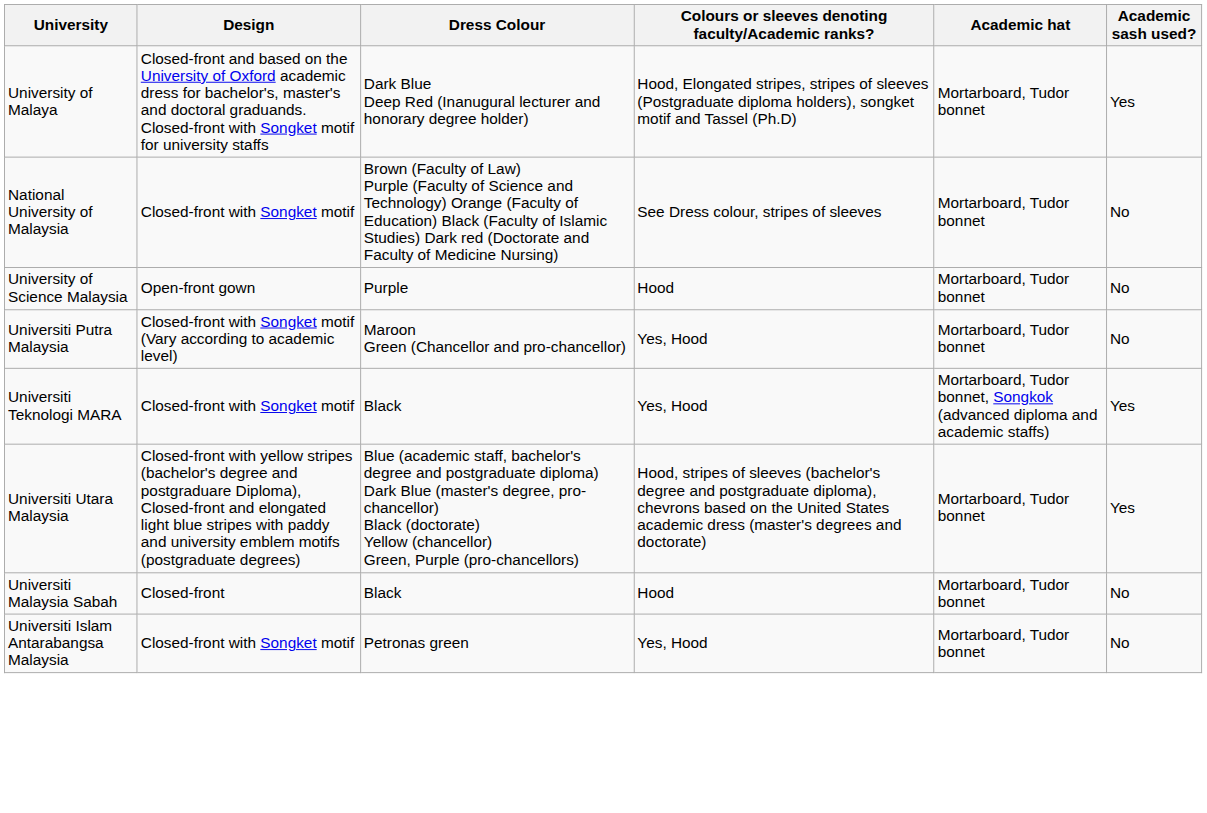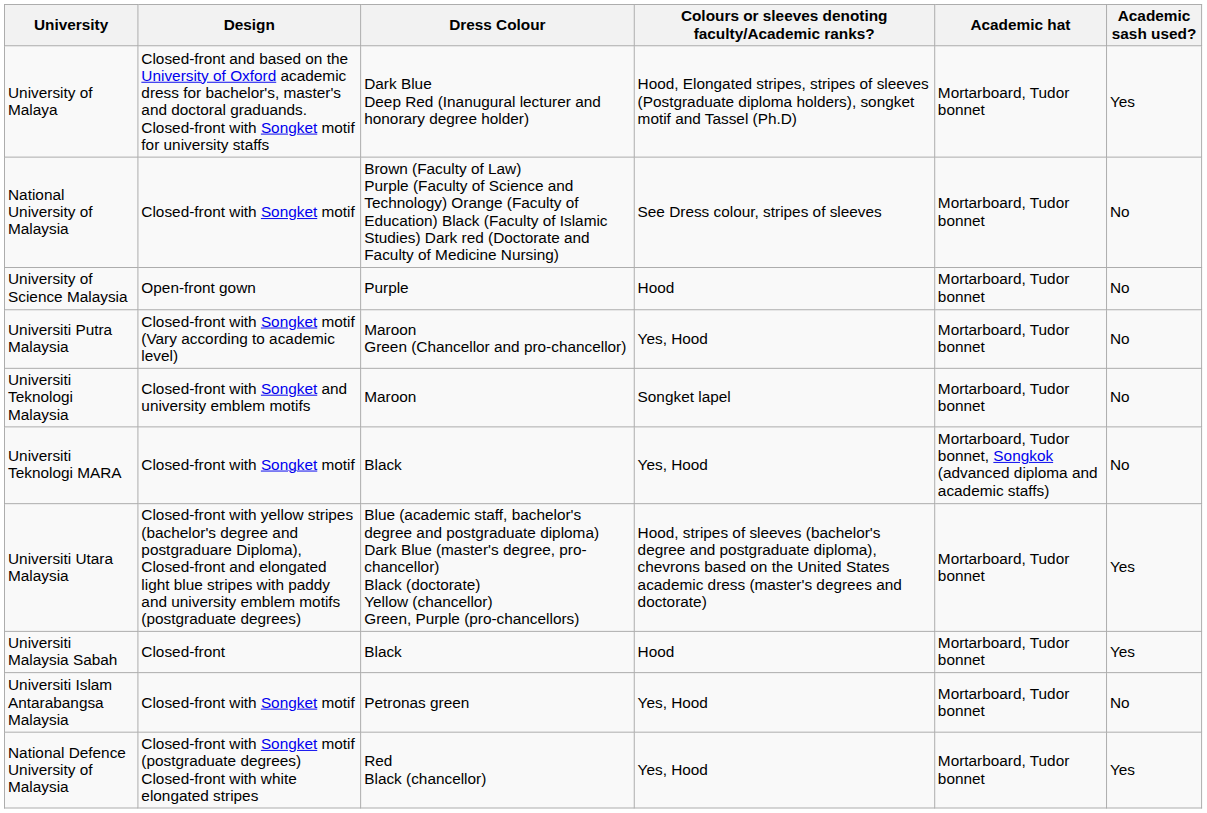 <table class="wikitable">
 <tr>
 <th>University</th>
 <th>Design</th>
 <th>Dress Colour</th>
 <th>Colours or sleeves denoting faculty/Academic ranks?</th>
 <th>Academic hat</th>
 <th>Academic sash used?</th>
 </tr>
 <tr>
 <td>University of Malaya</td>
 <td>Closed-front and based on the <a href='#'>University of Oxford</a> academic dress for bachelor's, master's and doctoral graduands.<br>Closed-front with <a href='#'>Songket</a> motif for university staffs</td>
 <td>Dark Blue<br>Deep Red (Inanugural lecturer and honorary degree holder)</td>
 <td>Hood, Elongated stripes, stripes of sleeves (Postgraduate diploma holders), songket motif and Tassel (Ph.D)</td>
 <td>Mortarboard, Tudor bonnet</td>
 <td>Yes</td>
 </tr>
 <tr>
 <td>National University of Malaysia</td>
 <td>Closed-front with <a href='#'>Songket</a> motif</td>
 <td>Brown (Faculty of Law)<br>Purple (Faculty of Science and Technology) Orange (Faculty of Education) Black (Faculty of Islamic Studies) Dark red (Doctorate and Faculty of Medicine Nursing)</td>
 <td>See Dress colour, stripes of sleeves</td>
 <td>Mortarboard, Tudor bonnet</td>
 <td>No</td>
 </tr>
 <tr>
 <td>University of Science Malaysia</td>
 <td>Open-front gown</td>
 <td>Purple</td>
 <td>Hood</td>
 <td>Mortarboard, Tudor bonnet</td>
 <td>No</td>
 </tr>
 <tr>
 <td>Universiti Putra Malaysia</td>
 <td>Closed-front with <a href='#'>Songket</a> motif (Vary according to academic level)</td>
 <td>Maroon<br>Green (Chancellor and pro-chancellor)</td>
 <td>Yes, Hood</td>
 <td>Mortarboard, Tudor bonnet</td>
 <td>No</td>
 </tr>
 <tr>
+<td>Universiti Teknologi Malaysia</td>
+<td>Closed-front with <a href='#'>Songket</a> and university emblem motifs</td>
+<td>Maroon</td>
+<td>Songket lapel</td>
+<td>Mortarboard, Tudor bonnet</td>
+<td>No</td>
+</tr>
+<tr>
 <td>Universiti Teknologi MARA</td>
 <td>Closed-front with <a href='#'>Songket</a> motif</td>
 <td>Black</td>
 <td>Yes, Hood</td>
 <td>Mortarboard, Tudor bonnet, <a href='#'>Songkok</a> (advanced diploma and academic staffs)</td>
-<td>Yes</td>
+<td>No</td>
 </tr>
 <tr>
 <td>Universiti Utara Malaysia</td>
 <td>Closed-front with yellow stripes (bachelor's degree and postgraduare Diploma),<br>Closed-front and elongated light blue stripes with paddy and university emblem motifs (postgraduate degrees)</td>
 <td>Blue (academic staff, bachelor's degree and postgraduate diploma)<br>Dark Blue (master's degree, pro-chancellor)<br>Black (doctorate)<br>Yellow (chancellor)<br>Green, Purple (pro-chancellors)</td>
 <td>Hood, stripes of sleeves (bachelor's degree and postgraduate diploma), chevrons based on the United States academic dress (master's degrees and doctorate)</td>
 <td>Mortarboard, Tudor bonnet</td>
 <td>Yes</td>
 </tr>
 <tr>
 <td>Universiti Malaysia Sabah</td>
 <td>Closed-front</td>
 <td>Black</td>
 <td>Hood</td>
 <td>Mortarboard, Tudor bonnet</td>
-<td>No</td>
+<td>Yes</td>
 </tr>
 <tr>
 <td>Universiti Islam Antarabangsa Malaysia</td>
 <td>Closed-front with <a href='#'>Songket</a> motif</td>
 <td>Petronas green</td>
 <td>Yes, Hood</td>
 <td>Mortarboard, Tudor bonnet</td>
 <td>No</td>
 </tr>
+<tr>
+<td>National Defence University of Malaysia</td>
+<td>Closed-front with <a href='#'>Songket</a> motif (postgraduate degrees)<br>Closed-front with white elongated stripes</td>
+<td>Red<br>Black (chancellor)</td>
+<td>Yes, Hood</td>
+<td>Mortarboard, Tudor bonnet</td>
+<td>Yes</td>
+</tr>
 </table>
